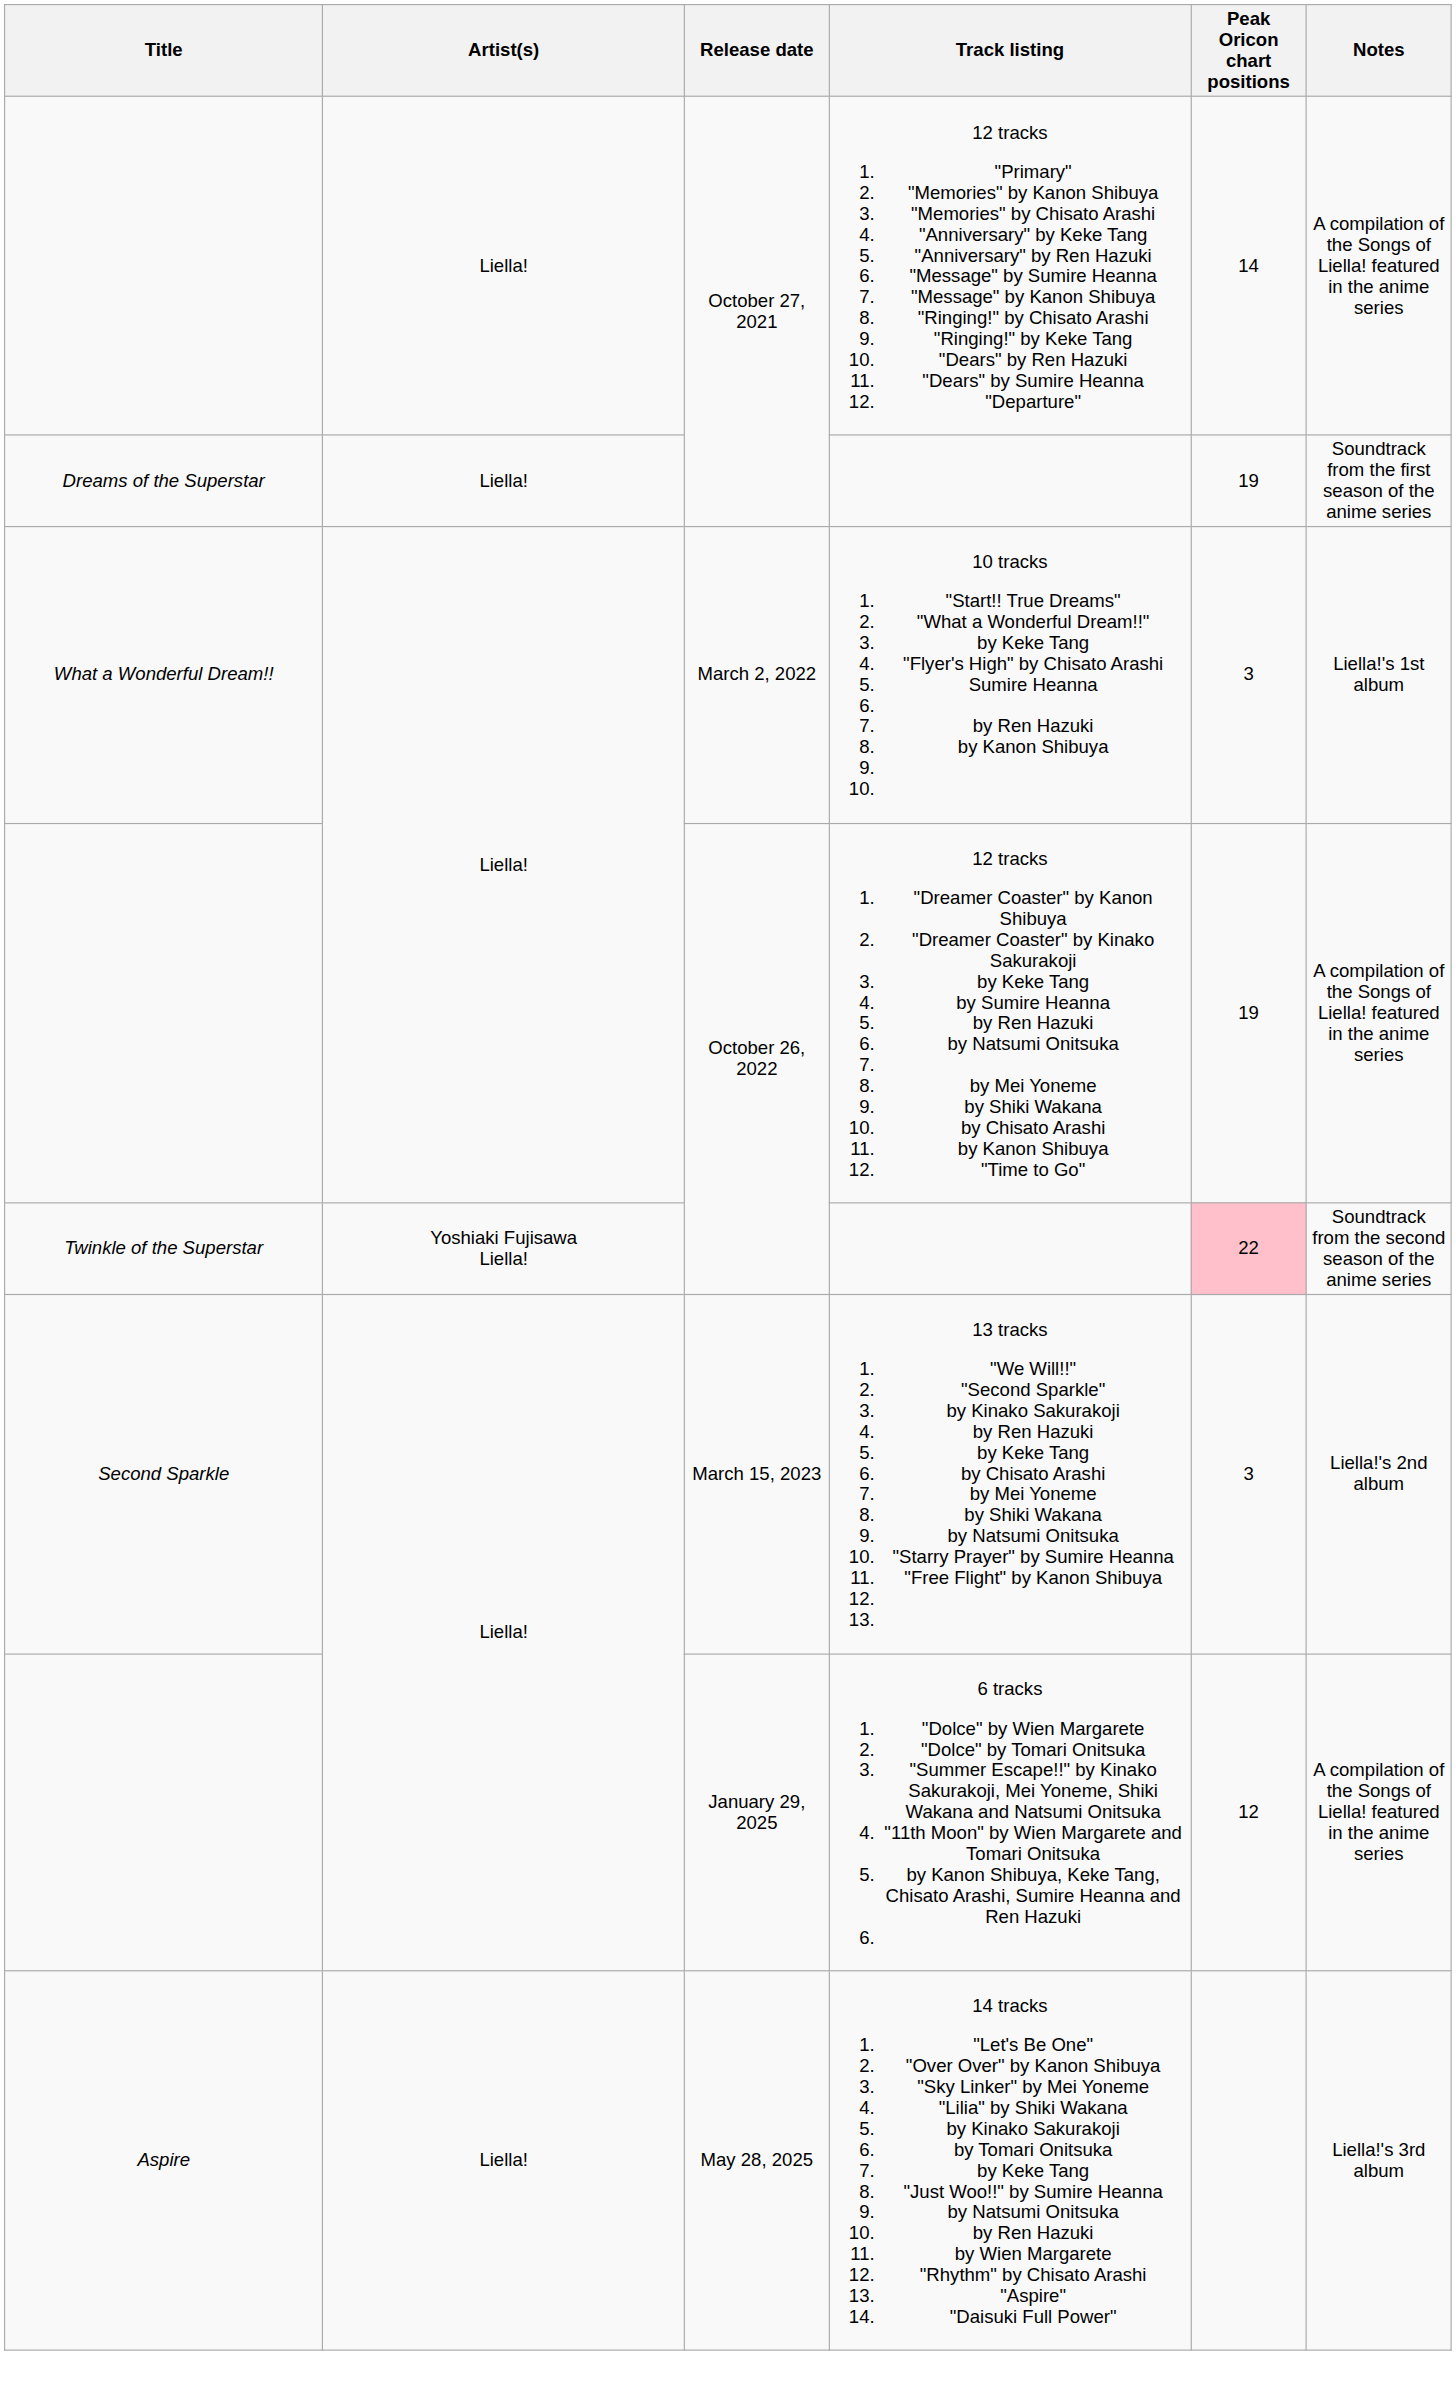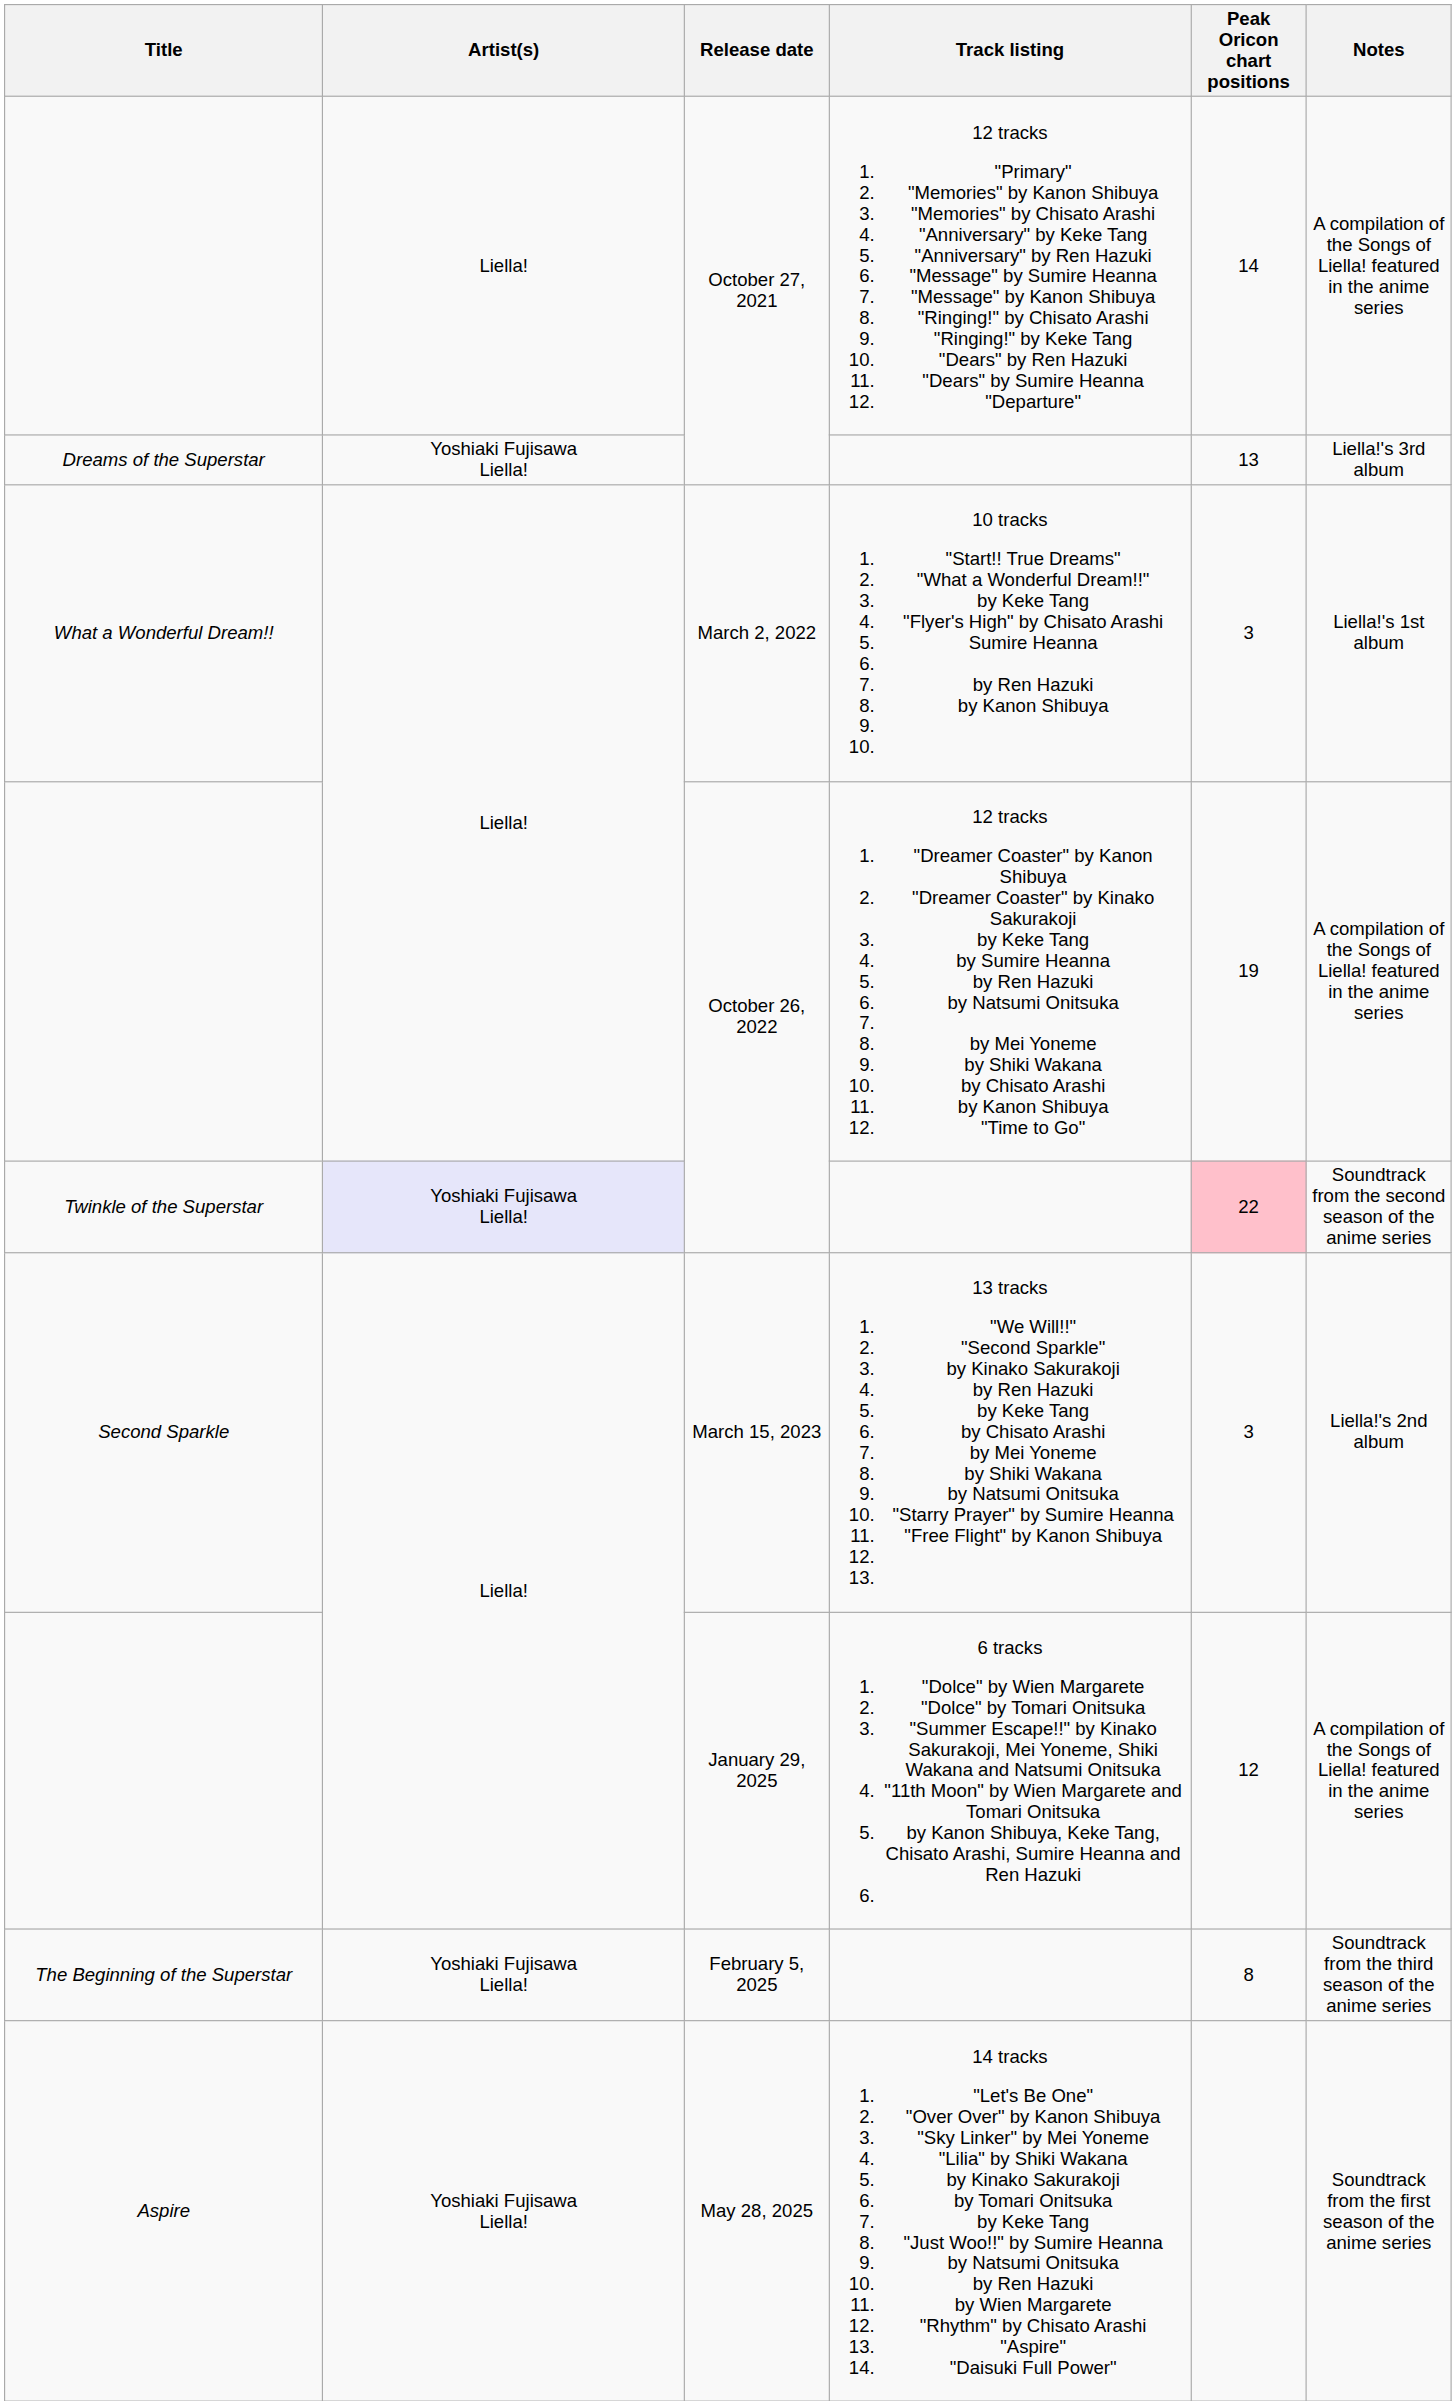 <table class="wikitable" style="text-align:center;">
 <tr>
 <th scope="col" rowspan="1">Title</th>
 <th scope="col" rowspan="1" width="25%">Artist(s)</th>
 <th scope="col" colspan="1" width="10%">Release date</th>
 <th scope="col" colspan="1" width="25%">Track listing</th>
 <th scope="col" rowspan="1" width="8%">Peak Oricon<br>chart positions<br></th>
 <th scope="col" rowspan="1" width="10%">Notes</th>
 </tr>
 <tr>
 <td></td>
 <td>Liella!</td>
 <td rowspan="2">October 27, 2021</td>
 <td style="width:17em"><br>12 tracks<ol><li>"Primary"</li><li>"Memories" by Kanon Shibuya</li><li>"Memories" by Chisato Arashi</li><li>"Anniversary" by Keke Tang</li><li>"Anniversary" by Ren Hazuki</li><li>"Message" by Sumire Heanna</li><li>"Message" by Kanon Shibuya</li><li>"Ringing!" by Chisato Arashi</li><li>"Ringing!" by Keke Tang</li><li>"Dears" by Ren Hazuki</li><li>"Dears" by Sumire Heanna</li><li>"Departure"</li></ol></td>
 <td>14</td>
 <td>A compilation of the Songs of Liella! featured in the anime series</td>
 </tr>
 <tr>
 <td><em>Dreams of the Superstar</em></td>
-<td>Liella!</td>
+<td>Yoshiaki Fujisawa<br>Liella!</td>
 <td></td>
-<td>19</td>
-<td>Soundtrack from the first season of the anime series</td>
+<td>13</td>
+<td>Liella!'s 3rd album</td>
 </tr>
 <tr>
 <td><em>What a Wonderful Dream!!</em></td>
 <td rowspan="2">Liella!</td>
 <td>March 2, 2022</td>
 <td style="width:17em"><br>10 tracks<ol><li>"Start!! True Dreams"</li><li>"What a Wonderful Dream!!"</li><li> by Keke Tang</li><li>"Flyer's High" by Chisato Arashi</li><li> Sumire Heanna</li><li></li><li> by Ren Hazuki</li><li> by Kanon Shibuya</li><li></li><li></li></ol></td>
 <td>3</td>
 <td>Liella!'s 1st album</td>
 </tr>
 <tr>
 <td></td>
 <td rowspan="2">October 26, 2022</td>
 <td style="width:17em"><br>12 tracks<ol><li>"Dreamer Coaster" by Kanon Shibuya</li><li>"Dreamer Coaster" by Kinako Sakurakoji</li><li> by Keke Tang</li><li> by Sumire Heanna</li><li> by Ren Hazuki</li><li> by Natsumi Onitsuka</li><li></li><li> by Mei Yoneme</li><li> by Shiki Wakana</li><li> by Chisato Arashi</li><li> by Kanon Shibuya</li><li>"Time to Go"</li></ol></td>
 <td>19</td>
 <td>A compilation of the Songs of Liella! featured in the anime series</td>
 </tr>
 <tr>
 <td><em>Twinkle of the Superstar</em></td>
-<td>Yoshiaki Fujisawa<br>Liella!</td>
+<td style="background: lavender;">Yoshiaki Fujisawa<br>Liella!</td>
 <td></td>
 <td style="background: pink;">22</td>
 <td>Soundtrack from the second season of the anime series</td>
 </tr>
 <tr>
 <td><em>Second Sparkle</em></td>
 <td rowspan="2">Liella!</td>
 <td>March 15, 2023</td>
 <td style="width:17em"><br>13 tracks<ol><li>"We Will!!"</li><li>"Second Sparkle"</li><li> by Kinako Sakurakoji</li><li> by Ren Hazuki</li><li> by Keke Tang</li><li> by Chisato Arashi</li><li> by Mei Yoneme</li><li> by Shiki Wakana</li><li> by Natsumi Onitsuka</li><li>"Starry Prayer" by Sumire Heanna</li><li>"Free Flight" by Kanon Shibuya</li><li></li><li></li></ol></td>
 <td>3</td>
 <td>Liella!'s 2nd album</td>
 </tr>
 <tr>
 <td></td>
 <td>January 29, 2025</td>
 <td style="width:17em"><br>6 tracks<ol><li>"Dolce" by Wien Margarete</li><li>"Dolce" by Tomari Onitsuka</li><li>"Summer Escape!!" by Kinako Sakurakoji, Mei Yoneme, Shiki Wakana and Natsumi Onitsuka</li><li>"11th Moon" by Wien Margarete and Tomari Onitsuka</li><li> by Kanon Shibuya, Keke Tang, Chisato Arashi, Sumire Heanna and Ren Hazuki</li><li></li></ol></td>
 <td>12</td>
 <td>A compilation of the Songs of Liella! featured in the anime series</td>
 </tr>
 <tr>
+<td><em>The Beginning of the Superstar</em></td>
+<td>Yoshiaki Fujisawa<br>Liella!</td>
+<td>February 5, 2025</td>
+<td></td>
+<td>8</td>
+<td>Soundtrack from the third season of the anime series</td>
+</tr>
+<tr>
 <td><em>Aspire</em></td>
-<td>Liella!</td>
+<td>Yoshiaki Fujisawa<br>Liella!</td>
 <td>May 28, 2025</td>
 <td style="width:17em"><br>14 tracks<ol><li>"Let's Be One"</li><li>"Over Over" by Kanon Shibuya</li><li>"Sky Linker" by Mei Yoneme</li><li>"Lilia" by Shiki Wakana</li><li> by Kinako Sakurakoji</li><li> by Tomari Onitsuka</li><li> by Keke Tang</li><li>"Just Woo!!" by Sumire Heanna</li><li> by Natsumi Onitsuka</li><li> by Ren Hazuki</li><li> by Wien Margarete</li><li>"Rhythm" by Chisato Arashi</li><li>"Aspire"</li><li>"Daisuki Full Power"</li></ol></td>
 <td></td>
-<td>Liella!'s 3rd album</td>
+<td>Soundtrack from the first season of the anime series</td>
 </tr>
 </table>
